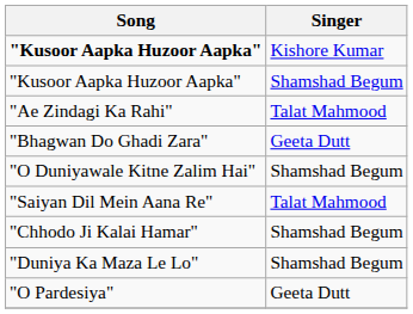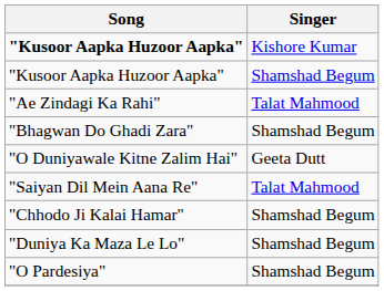 <table class="wikitable" style="font-size:95%;">
 <tr>
 <th>Song</th>
 <th>Singer</th>
 </tr>
 <tr>
 <td><strong>"Kusoor Aapka Huzoor Aapka"</strong></td>
 <td><a href='#'>Kishore Kumar</a></td>
 </tr>
 <tr>
 <td>"Kusoor Aapka Huzoor Aapka"</td>
 <td><a href='#'>Shamshad Begum</a></td>
 </tr>
 <tr>
 <td>"Ae Zindagi Ka Rahi"</td>
 <td><a href='#'>Talat Mahmood</a></td>
 </tr>
 <tr>
 <td>"Bhagwan Do Ghadi Zara"</td>
-<td><a href='#'>Geeta Dutt</a></td>
+<td>Shamshad Begum</td>
 </tr>
 <tr>
 <td>"O Duniyawale Kitne Zalim Hai"</td>
-<td>Shamshad Begum</td>
+<td>Geeta Dutt</td>
 </tr>
 <tr>
 <td>"Saiyan Dil Mein Aana Re"</td>
 <td><a href='#'>Talat Mahmood</a></td>
 </tr>
 <tr>
 <td>"Chhodo Ji Kalai Hamar"</td>
 <td>Shamshad Begum</td>
 </tr>
 <tr>
 <td>"Duniya Ka Maza Le Lo"</td>
 <td>Shamshad Begum</td>
 </tr>
 <tr>
 <td>"O Pardesiya"</td>
-<td>Geeta Dutt</td>
+<td>Shamshad Begum</td>
 </tr>
 <tr>
 </tr>
 </table>
